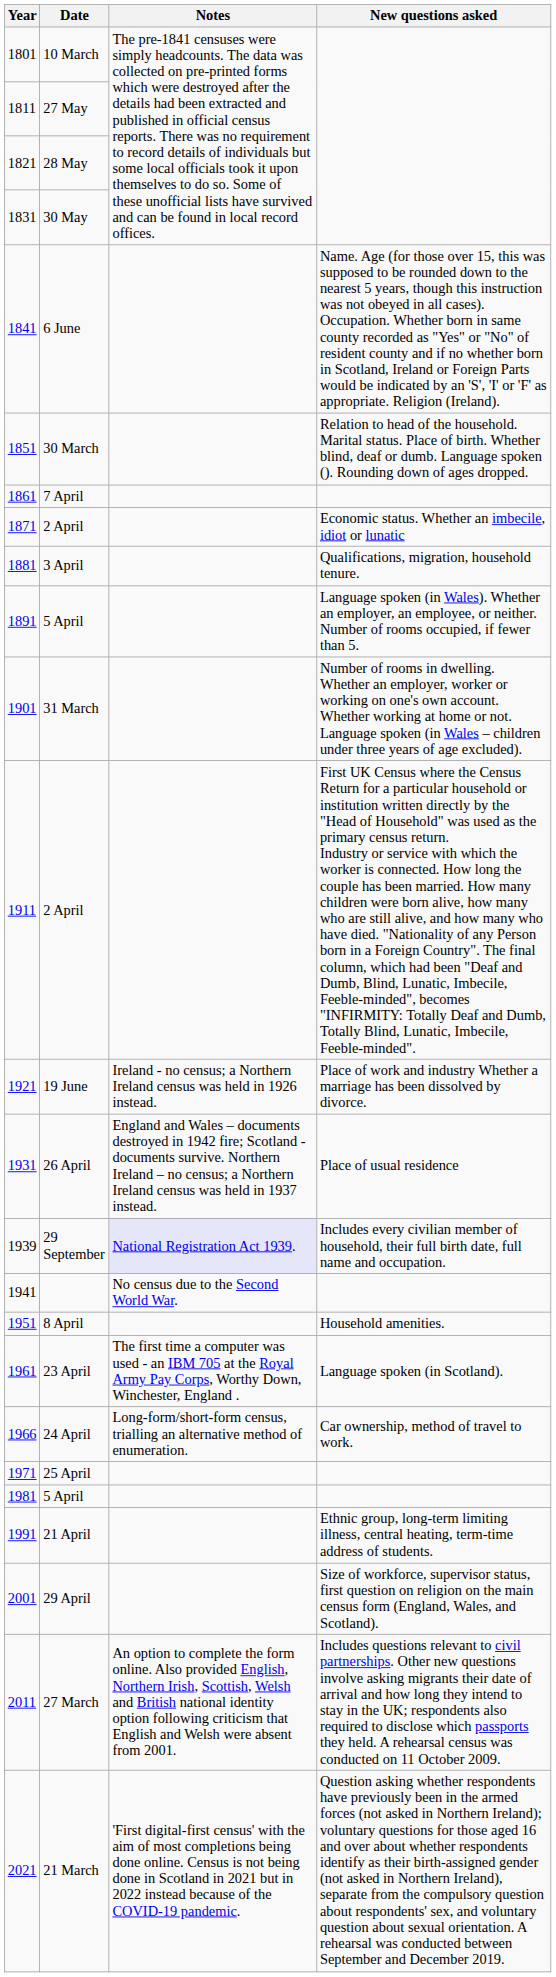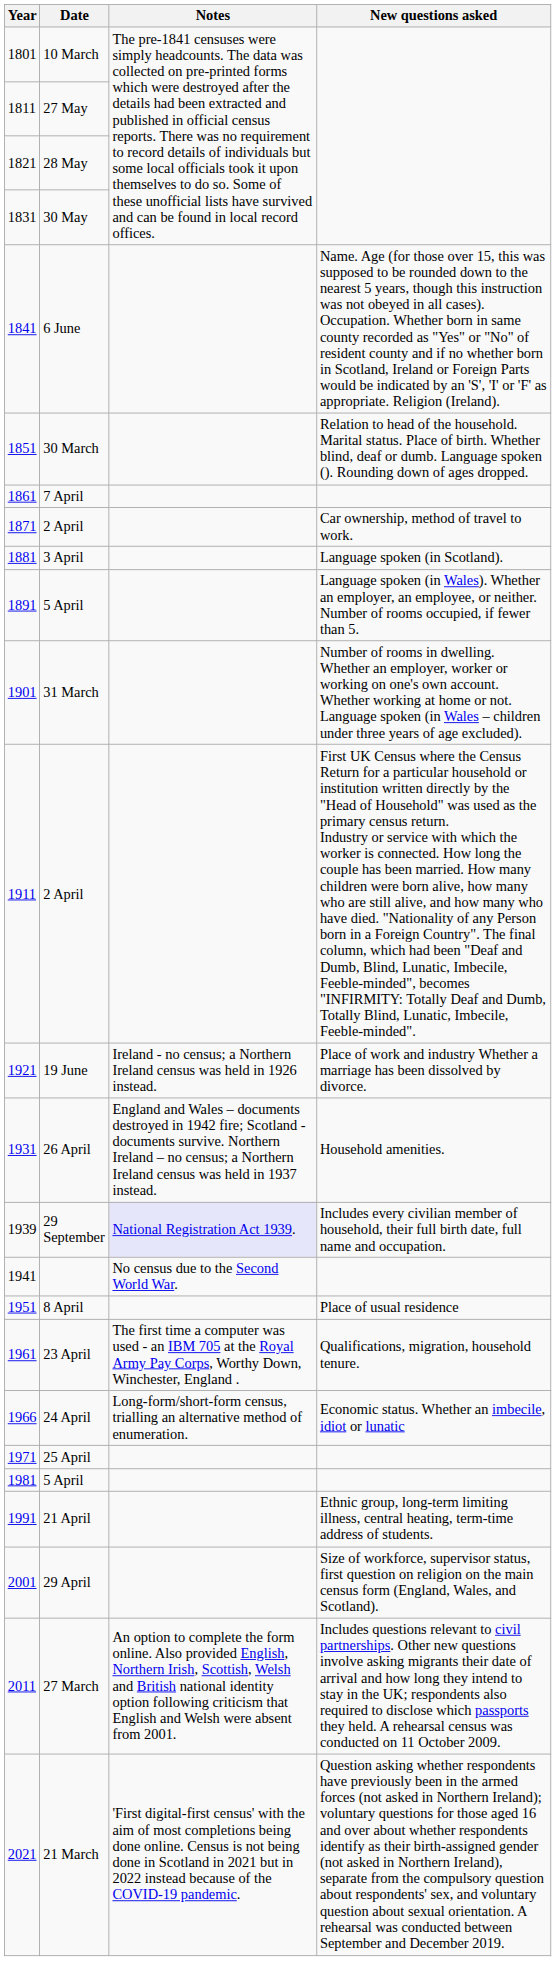 <table class="wikitable">
 <tr>
 <th>Year</th>
 <th>Date</th>
 <th>Notes</th>
 <th>New questions asked</th>
 </tr>
 <tr>
 <td>1801</td>
 <td>10 March</td>
 <td rowspan="4">The pre-1841 censuses were simply headcounts. The data was collected on pre-printed forms which were destroyed after the details had been extracted and published in official census reports. There was no requirement to record details of individuals but some local officials took it upon themselves to do so. Some of these unofficial lists have survived and can be found in local record offices.</td>
 <td rowspan="4"></td>
 </tr>
 <tr>
 <td>1811</td>
 <td>27 May</td>
 </tr>
 <tr>
 <td>1821</td>
 <td>28 May</td>
 </tr>
 <tr>
 <td>1831</td>
 <td>30 May</td>
 </tr>
 <tr>
 <td><a href='#'>1841</a></td>
 <td>6 June</td>
 <td></td>
 <td>Name. Age (for those over 15, this was supposed to be rounded down to the nearest 5 years, though this instruction was not obeyed in all cases). Occupation. Whether born in same county recorded as  "Yes" or "No" of resident county and if no whether born in Scotland, Ireland or Foreign Parts would be indicated by an 'S', 'I' or 'F' as appropriate. Religion (Ireland).</td>
 </tr>
 <tr>
 <td><a href='#'>1851</a></td>
 <td>30 March</td>
 <td></td>
 <td>Relation to head of the household. Marital status. Place of birth. Whether blind, deaf or dumb. Language spoken (). Rounding down of ages dropped.</td>
 </tr>
 <tr>
 <td><a href='#'>1861</a></td>
 <td>7 April</td>
 <td></td>
 <td></td>
 </tr>
 <tr>
 <td><a href='#'>1871</a></td>
 <td>2 April</td>
 <td></td>
-<td>Economic status. Whether an <a href='#'>imbecile</a>, <a href='#'>idiot</a> or <a href='#'>lunatic</a></td>
+<td>Car ownership, method of travel to work.</td>
 </tr>
 <tr>
 <td><a href='#'>1881</a></td>
 <td>3 April</td>
 <td></td>
-<td>Qualifications, migration, household tenure.</td>
+<td>Language spoken (in Scotland).</td>
 </tr>
 <tr>
 <td><a href='#'>1891</a></td>
 <td>5 April</td>
 <td></td>
 <td>Language spoken (in <a href='#'>Wales</a>). Whether an employer, an employee, or neither. Number of rooms occupied, if fewer than 5.</td>
 </tr>
 <tr>
 <td><a href='#'>1901</a></td>
 <td>31 March</td>
 <td></td>
 <td>Number of rooms in dwelling. Whether an employer, worker or working on one's own account. Whether working at home or not. Language spoken (in <a href='#'>Wales</a> – children under three years of age excluded).</td>
 </tr>
 <tr>
 <td><a href='#'>1911</a></td>
 <td>2 April</td>
 <td></td>
 <td>First UK Census where the Census Return for a particular household or institution written directly by the "Head of Household" was used as the primary census return.<br>Industry or service with which the worker is connected. How long the couple has been married.  How many children were born alive, how many who are still alive, and how many who have died. "Nationality of any Person born in a Foreign Country". The final column, which had been "Deaf and Dumb, Blind, Lunatic, Imbecile, Feeble-minded", becomes "INFIRMITY: Totally Deaf and Dumb, Totally Blind, Lunatic, Imbecile, Feeble-minded".</td>
 </tr>
 <tr>
 <td><a href='#'>1921</a></td>
 <td>19 June</td>
 <td>Ireland - no census; a Northern Ireland census was held in 1926 instead.</td>
 <td>Place of work and industry Whether a marriage has been dissolved by divorce.</td>
 </tr>
 <tr>
 <td><a href='#'>1931</a></td>
 <td>26 April</td>
 <td>England and Wales – documents destroyed in 1942 fire; Scotland - documents survive. Northern Ireland – no census; a Northern Ireland census was held in 1937 instead.</td>
-<td>Place of usual residence</td>
+<td>Household amenities.</td>
 </tr>
 <tr>
 <td>1939</td>
 <td>29 September</td>
 <td style="background: lavender;"><a href='#'>National Registration Act 1939</a>.</td>
 <td>Includes every civilian member of household, their full birth date, full name and occupation.</td>
 </tr>
 <tr>
 <td>1941</td>
 <td></td>
 <td>No census due to the <a href='#'>Second World War</a>.</td>
 <td></td>
 </tr>
 <tr>
 <td><a href='#'>1951</a></td>
 <td>8 April</td>
 <td></td>
-<td>Household amenities.</td>
+<td>Place of usual residence</td>
 </tr>
 <tr>
 <td><a href='#'>1961</a></td>
 <td>23 April</td>
 <td>The first time a computer was used - an <a href='#'>IBM 705</a> at the <a href='#'>Royal Army Pay Corps</a>, Worthy Down, Winchester, England  .</td>
-<td>Language spoken (in Scotland).</td>
+<td>Qualifications, migration, household tenure.</td>
 </tr>
 <tr>
 <td><a href='#'>1966</a></td>
 <td>24 April</td>
 <td>Long-form/short-form census, trialling an alternative method of enumeration.</td>
-<td>Car ownership, method of travel to work.</td>
+<td>Economic status. Whether an <a href='#'>imbecile</a>, <a href='#'>idiot</a> or <a href='#'>lunatic</a></td>
 </tr>
 <tr>
 <td><a href='#'>1971</a></td>
 <td>25 April</td>
 <td></td>
 <td></td>
 </tr>
 <tr>
 <td><a href='#'>1981</a></td>
 <td>5 April</td>
 <td></td>
 <td></td>
 </tr>
 <tr>
 <td><a href='#'>1991</a></td>
 <td>21 April</td>
 <td></td>
 <td>Ethnic group, long-term limiting illness, central heating, term-time address of students.</td>
 </tr>
 <tr>
 <td><a href='#'>2001</a></td>
 <td>29 April</td>
 <td></td>
 <td>Size of workforce, supervisor status, first question on religion on the main census form (England, Wales, and Scotland).</td>
 </tr>
 <tr>
 <td><a href='#'>2011</a></td>
 <td>27 March</td>
 <td>An option to complete the form online. Also provided <a href='#'>English</a>, <a href='#'>Northern Irish</a>, <a href='#'>Scottish</a>, <a href='#'>Welsh</a> and <a href='#'>British</a> national identity option following criticism that English and Welsh were absent from 2001.</td>
 <td>Includes questions relevant to <a href='#'>civil partnerships</a>. Other new questions involve asking migrants their date of arrival and how long they intend to stay in the UK; respondents also required to disclose which <a href='#'>passports</a> they held. A rehearsal census was conducted on 11 October 2009.</td>
 </tr>
 <tr>
 <td><a href='#'>2021</a></td>
 <td>21 March</td>
 <td>'First digital-first census' with the aim of most completions being done online. Census is not being done in Scotland in 2021 but in 2022 instead because of the <a href='#'>COVID-19 pandemic</a>.</td>
 <td>Question asking whether respondents have previously been in the armed forces (not asked in Northern Ireland); voluntary questions for those aged 16 and over about whether respondents identify as their birth-assigned gender (not asked in Northern Ireland), separate from the compulsory question about respondents' sex, and voluntary question about sexual orientation. A rehearsal was conducted between September and December 2019.</td>
 </tr>
 </table>
